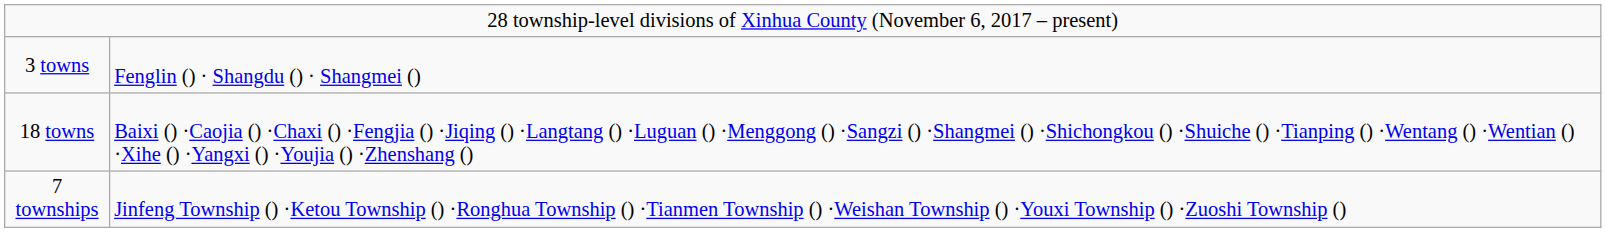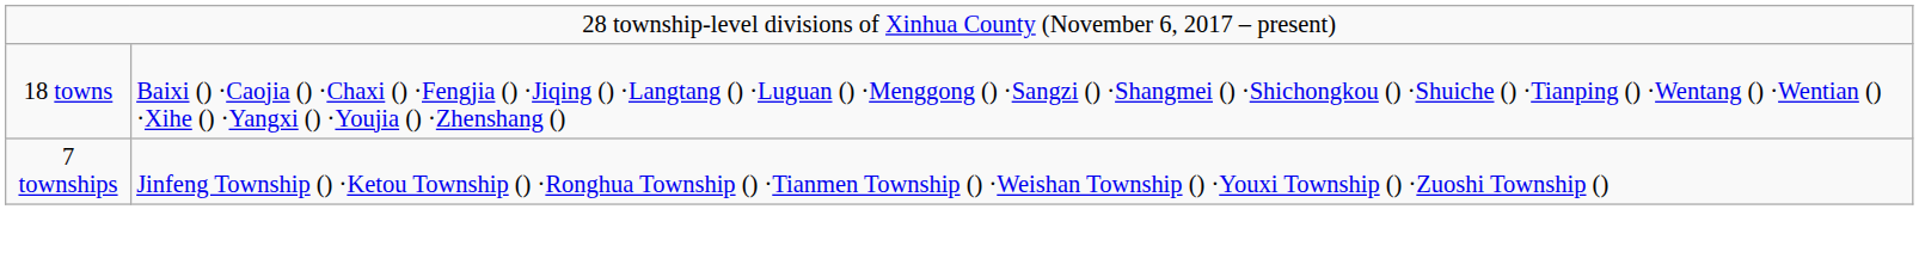 <table class="wikitable">
 <tr>
 <td style="text-align:center;" colspan="2">28 township-level divisions of <a href='#'>Xinhua County</a> (November 6, 2017 – present)</td>
-</tr>
-<tr align=left>
-<td align=center>3 <a href='#'>towns</a></td>
-<td><br><a href='#'>Fenglin</a> () · <a href='#'>Shangdu</a> () · <a href='#'>Shangmei</a> ()</td>
 </tr>
 <tr align=left>
 <td align=center>18 <a href='#'>towns</a></td>
 <td><br><a href='#'>Baixi</a> () ·<a href='#'>Caojia</a> () ·<a href='#'>Chaxi</a> () ·<a href='#'>Fengjia</a> () ·<a href='#'>Jiqing</a> () ·<a href='#'>Langtang</a> () ·<a href='#'>Luguan</a> () ·<a href='#'>Menggong</a> () ·<a href='#'>Sangzi</a> () ·<a href='#'>Shangmei</a> () ·<a href='#'>Shichongkou</a> () ·<a href='#'>Shuiche</a> () ·<a href='#'>Tianping</a> () ·<a href='#'>Wentang</a> () ·<a href='#'>Wentian</a> () ·<a href='#'>Xihe</a> () ·<a href='#'>Yangxi</a> () ·<a href='#'>Youjia</a> () ·<a href='#'>Zhenshang</a> ()</td>
 </tr>
 <tr align=left>
 <td align=center>7 <a href='#'>townships</a></td>
 <td><br><a href='#'>Jinfeng Township</a> () ·<a href='#'>Ketou Township</a> () ·<a href='#'>Ronghua Township</a> () ·<a href='#'>Tianmen Township</a> () ·<a href='#'>Weishan Township</a> () ·<a href='#'>Youxi Township</a> () ·<a href='#'>Zuoshi Township</a> ()</td>
 </tr>
 </table>
